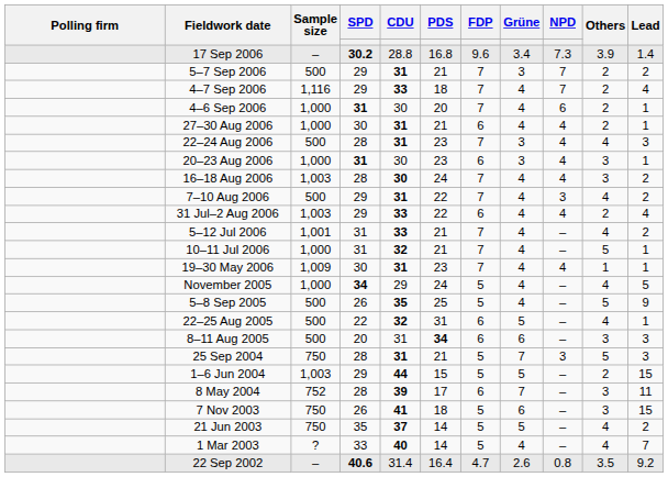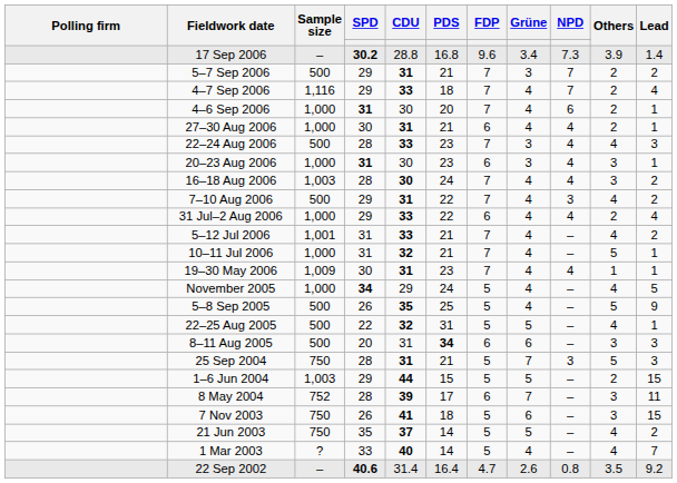 <table class="wikitable sortable" style="text-align:center;font-size:90%;line-height:14px;">
 <tr style="height:40px;">
 <th style="width:180px;" rowspan="2">Polling firm</th>
 <th style="width:140px;" rowspan="2">Fieldwork date</th>
 <th style="width:35px;" rowspan="2">Sample<br>size</th>
 <th class="unsortable" style="width:40px;"><a href='#'>SPD</a></th>
 <th class="unsortable" style="width:40px;"><a href='#'>CDU</a></th>
 <th class="unsortable" style="width:40px;"><a href='#'>PDS</a></th>
 <th class="unsortable" style="width:40px;"><a href='#'>FDP</a></th>
 <th class="unsortable" style="width:40px;"><a href='#'>Grüne</a></th>
 <th class="unsortable" style="width:40px;"><a href='#'>NPD</a></th>
 <th class="unsortable" style="width:40px;" rowspan="2">Others</th>
 <th style="width:30px;" rowspan="2">Lead</th>
 </tr>
 <tr>
 <th style="background:"></th>
 <th style="background:"></th>
 <th style="background:"></th>
 <th style="background:"></th>
 <th style="background:"></th>
 <th style="background:"></th>
 </tr>
 <tr style="background:#E9E9E9;">
 <td></td>
 <td data-sort-value="2006-09-17">17 Sep 2006</td>
 <td>–</td>
 <td><strong>30.2</strong></td>
 <td>28.8</td>
 <td>16.8</td>
 <td>9.6</td>
 <td>3.4</td>
 <td>7.3</td>
 <td>3.9</td>
 <td style="background:">1.4</td>
 </tr>
 <tr>
 <td></td>
 <td data-sort-value="2006-09-08">5–7 Sep 2006</td>
 <td>500</td>
 <td>29</td>
 <td><strong>31</strong></td>
 <td>21</td>
 <td>7</td>
 <td>3</td>
 <td>7</td>
 <td>2</td>
 <td style="background:">2</td>
 </tr>
 <tr>
 <td></td>
 <td data-sort-value="2006-09-08">4–7 Sep 2006</td>
 <td>1,116</td>
 <td>29</td>
 <td><strong>33</strong></td>
 <td>18</td>
 <td>7</td>
 <td>4</td>
 <td>7</td>
 <td>2</td>
 <td style="background:">4</td>
 </tr>
 <tr>
 <td></td>
 <td data-sort-value="2006-09-07">4–6 Sep 2006</td>
 <td>1,000</td>
 <td><strong>31</strong></td>
 <td>30</td>
 <td>20</td>
 <td>7</td>
 <td>4</td>
 <td>6</td>
 <td>2</td>
 <td style="background:">1</td>
 </tr>
 <tr>
 <td></td>
 <td data-sort-value="2006-09-01">27–30 Aug 2006</td>
 <td>1,000</td>
 <td>30</td>
 <td><strong>31</strong></td>
 <td>21</td>
 <td>6</td>
 <td>4</td>
 <td>4</td>
 <td>2</td>
 <td style="background:">1</td>
 </tr>
 <tr>
 <td></td>
 <td data-sort-value="2006-08-25">22–24 Aug 2006</td>
 <td>500</td>
 <td>28</td>
-<td><strong>31</strong></td>
+<td><strong>33</strong></td>
 <td>23</td>
 <td>7</td>
 <td>3</td>
 <td>4</td>
 <td>4</td>
 <td style="background:">3</td>
 </tr>
 <tr>
 <td></td>
 <td data-sort-value="2006-08-25">20–23 Aug 2006</td>
 <td>1,000</td>
 <td><strong>31</strong></td>
 <td>30</td>
 <td>23</td>
 <td>6</td>
 <td>3</td>
 <td>4</td>
 <td>3</td>
 <td style="background:">1</td>
 </tr>
 <tr>
 <td></td>
 <td data-sort-value="2006-08-23">16–18 Aug 2006</td>
 <td>1,003</td>
 <td>28</td>
 <td><strong>30</strong></td>
 <td>24</td>
 <td>7</td>
 <td>4</td>
 <td>4</td>
 <td>3</td>
 <td style="background:">2</td>
 </tr>
 <tr>
 <td></td>
 <td data-sort-value="2006-08-12">7–10 Aug 2006</td>
 <td>500</td>
 <td>29</td>
 <td><strong>31</strong></td>
 <td>22</td>
 <td>7</td>
 <td>4</td>
 <td>3</td>
 <td>4</td>
 <td style="background:">2</td>
 </tr>
 <tr>
 <td></td>
 <td data-sort-value="2006-08-03">31 Jul–2 Aug 2006</td>
-<td>1,003</td>
+<td>1,000</td>
 <td>29</td>
 <td><strong>33</strong></td>
 <td>22</td>
 <td>6</td>
 <td>4</td>
 <td>4</td>
 <td>2</td>
 <td style="background:">4</td>
 </tr>
 <tr>
 <td></td>
 <td data-sort-value="2006-07-24">5–12 Jul 2006</td>
 <td>1,001</td>
 <td>31</td>
 <td><strong>33</strong></td>
 <td>21</td>
 <td>7</td>
 <td>4</td>
 <td>–</td>
 <td>4</td>
 <td style="background:">2</td>
 </tr>
 <tr>
 <td></td>
 <td data-sort-value="2006-07-12">10–11 Jul 2006</td>
 <td>1,000</td>
 <td>31</td>
 <td><strong>32</strong></td>
 <td>21</td>
 <td>7</td>
 <td>4</td>
 <td>–</td>
 <td>5</td>
 <td style="background:">1</td>
 </tr>
 <tr>
 <td></td>
 <td data-sort-value="2006-06-12">19–30 May 2006</td>
 <td>1,009</td>
 <td>30</td>
 <td><strong>31</strong></td>
 <td>23</td>
 <td>7</td>
 <td>4</td>
 <td>4</td>
 <td>1</td>
 <td style="background:">1</td>
 </tr>
 <tr>
 <td></td>
 <td data-sort-value="2006-02-22">November 2005</td>
 <td>1,000</td>
 <td><strong>34</strong></td>
 <td>29</td>
 <td>24</td>
 <td>5</td>
 <td>4</td>
 <td>–</td>
 <td>4</td>
 <td style="background:">5</td>
 </tr>
 <tr>
 <td></td>
 <td data-sort-value="2005-09-10">5–8 Sep 2005</td>
 <td>500</td>
 <td>26</td>
 <td><strong>35</strong></td>
 <td>25</td>
 <td>5</td>
 <td>4</td>
 <td>–</td>
 <td>5</td>
 <td style="background:">9</td>
 </tr>
 <tr>
 <td></td>
 <td data-sort-value="2005-08-29">22–25 Aug 2005</td>
 <td>500</td>
 <td>22</td>
 <td><strong>32</strong></td>
 <td>31</td>
-<td>6</td>
+<td>5</td>
 <td>5</td>
 <td>–</td>
 <td>4</td>
 <td style="background:">1</td>
 </tr>
 <tr>
 <td></td>
 <td data-sort-value="2005-08-15">8–11 Aug 2005</td>
 <td>500</td>
 <td>20</td>
 <td>31</td>
 <td><strong>34</strong></td>
 <td>6</td>
 <td>6</td>
 <td>–</td>
 <td>3</td>
 <td style="background:">3</td>
 </tr>
 <tr>
 <td></td>
 <td data-sort-value="2004-09-25">25 Sep 2004</td>
 <td>750</td>
 <td>28</td>
 <td><strong>31</strong></td>
 <td>21</td>
 <td>5</td>
 <td>7</td>
 <td>3</td>
 <td>5</td>
 <td style="background:">3</td>
 </tr>
 <tr>
 <td></td>
 <td data-sort-value="2004-06-06">1–6 Jun 2004</td>
 <td>1,003</td>
 <td>29</td>
 <td><strong>44</strong></td>
 <td>15</td>
 <td>5</td>
 <td>5</td>
 <td>–</td>
 <td>2</td>
 <td style="background:">15</td>
 </tr>
 <tr>
 <td></td>
 <td data-sort-value="2004-05-08">8 May 2004</td>
 <td>752</td>
 <td>28</td>
 <td><strong>39</strong></td>
 <td>17</td>
 <td>6</td>
 <td>7</td>
 <td>–</td>
 <td>3</td>
 <td style="background:">11</td>
 </tr>
 <tr>
 <td></td>
 <td data-sort-value="2003-11-07">7 Nov 2003</td>
 <td>750</td>
 <td>26</td>
 <td><strong>41</strong></td>
 <td>18</td>
 <td>5</td>
 <td>6</td>
 <td>–</td>
 <td>3</td>
 <td style="background:">15</td>
 </tr>
 <tr>
 <td></td>
 <td data-sort-value="2003-06-21">21 Jun 2003</td>
 <td>750</td>
 <td>35</td>
 <td><strong>37</strong></td>
 <td>14</td>
 <td>5</td>
 <td>5</td>
 <td>–</td>
 <td>4</td>
 <td style="background:">2</td>
 </tr>
 <tr>
 <td></td>
 <td data-sort-value="2003-03-01">1 Mar 2003</td>
 <td>?</td>
 <td>33</td>
 <td><strong>40</strong></td>
 <td>14</td>
 <td>5</td>
 <td>4</td>
 <td>–</td>
 <td>4</td>
 <td style="background:">7</td>
 </tr>
 <tr style="background:#E9E9E9;">
 <td></td>
 <td data-sort-value="2002-09-22">22 Sep 2002</td>
 <td>–</td>
 <td><strong>40.6</strong></td>
 <td>31.4</td>
 <td>16.4</td>
 <td>4.7</td>
 <td>2.6</td>
 <td>0.8</td>
 <td>3.5</td>
 <td style="background:">9.2</td>
 </tr>
 </table>
